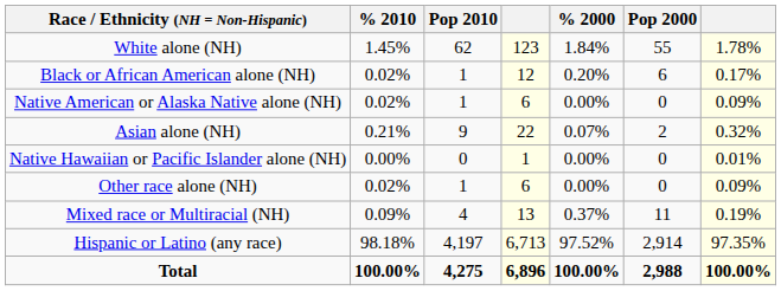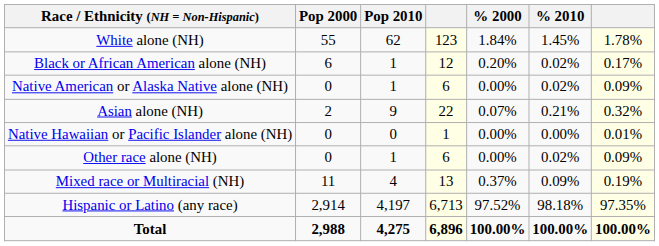 <table class="wikitable" style="text-align:center;">
 <tr>
 <th>Race / Ethnicity <small>(<em>NH = Non-Hispanic</em>)</small></th>
-<th>% 2010</th>
+<th>Pop 2000</th>
 <th>Pop 2010</th>
 <th></th>
 <th>% 2000</th>
-<th>Pop 2000</th>
+<th>% 2010</th>
 <th></th>
 </tr>
 <tr>
 <td><a href='#'>White</a> alone (NH)</td>
-<td>1.45%</td>
+<td>55</td>
 <td>62</td>
 <td style='background: #ffffe6;'>123</td>
 <td>1.84%</td>
-<td>55</td>
+<td>1.45%</td>
 <td style='background: #ffffe6;'>1.78%</td>
 </tr>
 <tr>
 <td><a href='#'>Black or African American</a> alone (NH)</td>
-<td>0.02%</td>
+<td>6</td>
 <td>1</td>
 <td style='background: #ffffe6;'>12</td>
 <td>0.20%</td>
-<td>6</td>
+<td>0.02%</td>
 <td style='background: #ffffe6;'>0.17%</td>
 </tr>
 <tr>
 <td><a href='#'>Native American</a> or <a href='#'>Alaska Native</a> alone (NH)</td>
-<td>0.02%</td>
+<td>0</td>
 <td>1</td>
 <td style='background: #ffffe6;'>6</td>
 <td>0.00%</td>
-<td>0</td>
+<td>0.02%</td>
 <td style='background: #ffffe6;'>0.09%</td>
 </tr>
 <tr>
 <td><a href='#'>Asian</a> alone (NH)</td>
-<td>0.21%</td>
+<td>2</td>
 <td>9</td>
 <td style='background: #ffffe6;'>22</td>
 <td>0.07%</td>
-<td>2</td>
+<td>0.21%</td>
 <td style='background: #ffffe6;'>0.32%</td>
 </tr>
 <tr>
 <td><a href='#'>Native Hawaiian</a> or <a href='#'>Pacific Islander</a> alone (NH)</td>
-<td>0.00%</td>
+<td>0</td>
 <td>0</td>
 <td style='background: #ffffe6;'>1</td>
 <td>0.00%</td>
-<td>0</td>
+<td>0.00%</td>
 <td style='background: #ffffe6;'>0.01%</td>
 </tr>
 <tr>
 <td><a href='#'>Other race</a> alone (NH)</td>
-<td>0.02%</td>
+<td>0</td>
 <td>1</td>
 <td style='background: #ffffe6;'>6</td>
 <td>0.00%</td>
-<td>0</td>
+<td>0.02%</td>
 <td style='background: #ffffe6;'>0.09%</td>
 </tr>
 <tr>
 <td><a href='#'>Mixed race or Multiracial</a> (NH)</td>
-<td>0.09%</td>
+<td>11</td>
 <td>4</td>
 <td style='background: #ffffe6;'>13</td>
 <td>0.37%</td>
-<td>11</td>
+<td>0.09%</td>
 <td style='background: #ffffe6;'>0.19%</td>
 </tr>
 <tr>
 <td><a href='#'>Hispanic or Latino</a> (any race)</td>
-<td>98.18%</td>
+<td>2,914</td>
 <td>4,197</td>
 <td style='background: #ffffe6;'>6,713</td>
 <td>97.52%</td>
-<td>2,914</td>
+<td>98.18%</td>
 <td style='background: #ffffe6;'>97.35%</td>
 </tr>
 <tr>
 <td><strong>Total</strong></td>
-<td><strong>100.00%</strong></td>
+<td><strong>2,988</strong></td>
 <td><strong>4,275</strong></td>
 <td style='background: #ffffe6;'><strong>6,896</strong></td>
 <td><strong>100.00%</strong></td>
-<td><strong>2,988</strong></td>
+<td><strong>100.00%</strong></td>
 <td style='background: #ffffe6;'><strong>100.00%</strong></td>
 </tr>
 </table>
